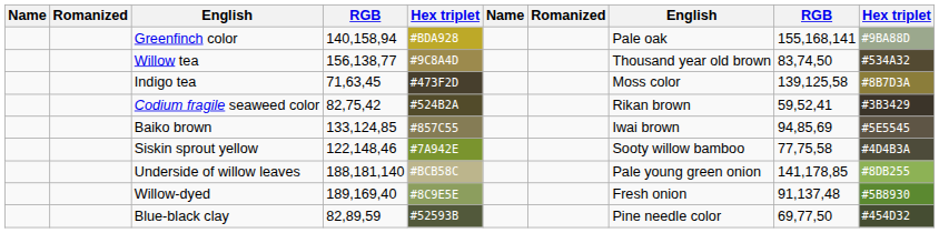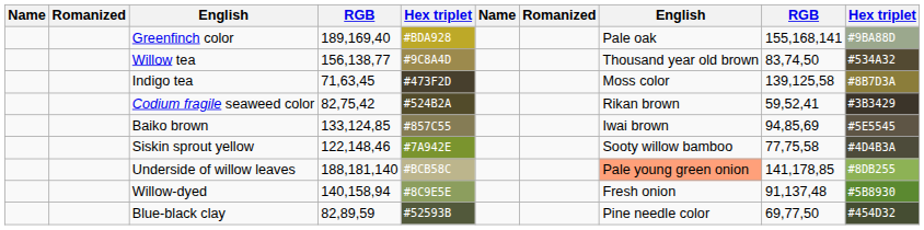 <table class="wikitable">
 <tr>
 <th>Name</th>
 <th>Romanized</th>
 <th>English</th>
 <th><a href='#'>RGB</a></th>
 <th><a href='#'>Hex triplet</a></th>
 <th>Name</th>
 <th>Romanized</th>
 <th>English</th>
 <th><a href='#'>RGB</a></th>
 <th><a href='#'>Hex triplet</a></th>
 </tr>
 <tr>
 <td></td>
 <td></td>
 <td><a href='#'>Greenfinch</a> color</td>
-<td>140,158,94</td>
+<td>189,169,40</td>
 <td style="background:#BDA928; color:#ffffff; font-family:monospace;">#BDA928</td>
 <td></td>
 <td></td>
 <td>Pale oak</td>
 <td>155,168,141</td>
 <td style="background:#9BA88D; color:#ffffff; font-family:monospace;">#9BA88D</td>
 </tr>
 <tr>
 <td></td>
 <td></td>
 <td><a href='#'>Willow</a> tea</td>
 <td>156,138,77</td>
 <td style="background:#9C8A4D; color:#ffffff; font-family:monospace;">#9C8A4D</td>
 <td></td>
 <td></td>
 <td>Thousand year old brown</td>
 <td>83,74,50</td>
 <td style="background:#534A32; color:#ffffff; font-family:monospace;">#534A32</td>
 </tr>
 <tr>
 <td></td>
 <td></td>
 <td>Indigo tea</td>
 <td>71,63,45</td>
 <td style="background:#473F2D; color:#ffffff; font-family:monospace;">#473F2D</td>
 <td></td>
 <td></td>
 <td>Moss color</td>
 <td>139,125,58</td>
 <td style="background:#8B7D3A; color:#ffffff; font-family:monospace;">#8B7D3A</td>
 </tr>
 <tr>
 <td></td>
 <td></td>
 <td><em><a href='#'>Codium fragile</a></em> seaweed color</td>
 <td>82,75,42</td>
 <td style="background:#524B2A; color:#ffffff; font-family:monospace;">#524B2A</td>
 <td></td>
 <td></td>
 <td>Rikan brown</td>
 <td>59,52,41</td>
 <td style="background:#3B3429; color:#ffffff; font-family:monospace;">#3B3429</td>
 </tr>
 <tr>
 <td></td>
 <td></td>
 <td>Baiko brown</td>
 <td>133,124,85</td>
 <td style="background:#857C55; color:#ffffff; font-family:monospace;">#857C55</td>
 <td></td>
 <td></td>
 <td>Iwai brown</td>
 <td>94,85,69</td>
 <td style="background:#5E5545; color:#ffffff; font-family:monospace;">#5E5545</td>
 </tr>
 <tr>
 <td></td>
 <td></td>
 <td>Siskin sprout yellow</td>
 <td>122,148,46</td>
 <td style="background:#7A942E; color:#ffffff; font-family:monospace;">#7A942E</td>
 <td></td>
 <td></td>
 <td>Sooty willow bamboo</td>
 <td>77,75,58</td>
 <td style="background:#4D4B3A; color:#ffffff; font-family:monospace;">#4D4B3A</td>
 </tr>
 <tr>
 <td></td>
 <td></td>
 <td>Underside of willow leaves</td>
 <td>188,181,140</td>
 <td style="background:#BCB58C; color:#ffffff; font-family:monospace;">#BCB58C</td>
 <td></td>
 <td></td>
-<td>Pale young green onion</td>
+<td style="background: lightsalmon;">Pale young green onion</td>
 <td>141,178,85</td>
 <td style="background:#8DB255; color:#ffffff; font-family:monospace;">#8DB255</td>
 </tr>
 <tr>
 <td></td>
 <td></td>
 <td>Willow-dyed</td>
-<td>189,169,40</td>
+<td>140,158,94</td>
 <td style="background:#8C9E5E; color:#ffffff; font-family:monospace;">#8C9E5E</td>
 <td></td>
 <td></td>
 <td>Fresh onion</td>
 <td>91,137,48</td>
 <td style="background:#5B8930; color:#ffffff; font-family:monospace;">#5B8930</td>
 </tr>
 <tr>
 <td></td>
 <td></td>
 <td>Blue-black clay</td>
 <td>82,89,59</td>
 <td style="background:#52593B; color:#ffffff; font-family:monospace;">#52593B</td>
 <td></td>
 <td></td>
 <td>Pine needle color</td>
 <td>69,77,50</td>
 <td style="background:#454D32; color:#ffffff; font-family:monospace;">#454D32</td>
 </tr>
 </table>
